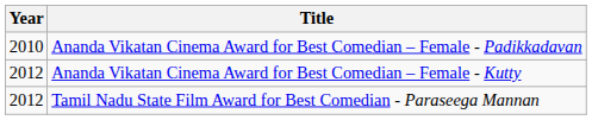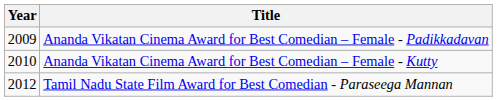 <table class="wikitable">
 <tr>
 <th>Year</th>
 <th>Title</th>
 </tr>
 <tr>
-<td>2010</td>
+<td>2009</td>
 <td><a href='#'>Ananda Vikatan Cinema Award for Best Comedian – Female</a> - <em><a href='#'>Padikkadavan</a></em></td>
 </tr>
 <tr>
-<td>2012</td>
+<td>2010</td>
 <td><a href='#'>Ananda Vikatan Cinema Award for Best Comedian – Female</a> - <em><a href='#'>Kutty</a></em></td>
 </tr>
 <tr>
 <td>2012</td>
 <td><a href='#'>Tamil Nadu State Film Award for Best Comedian</a> - <em>Paraseega Mannan</em></td>
 </tr>
 </table>
